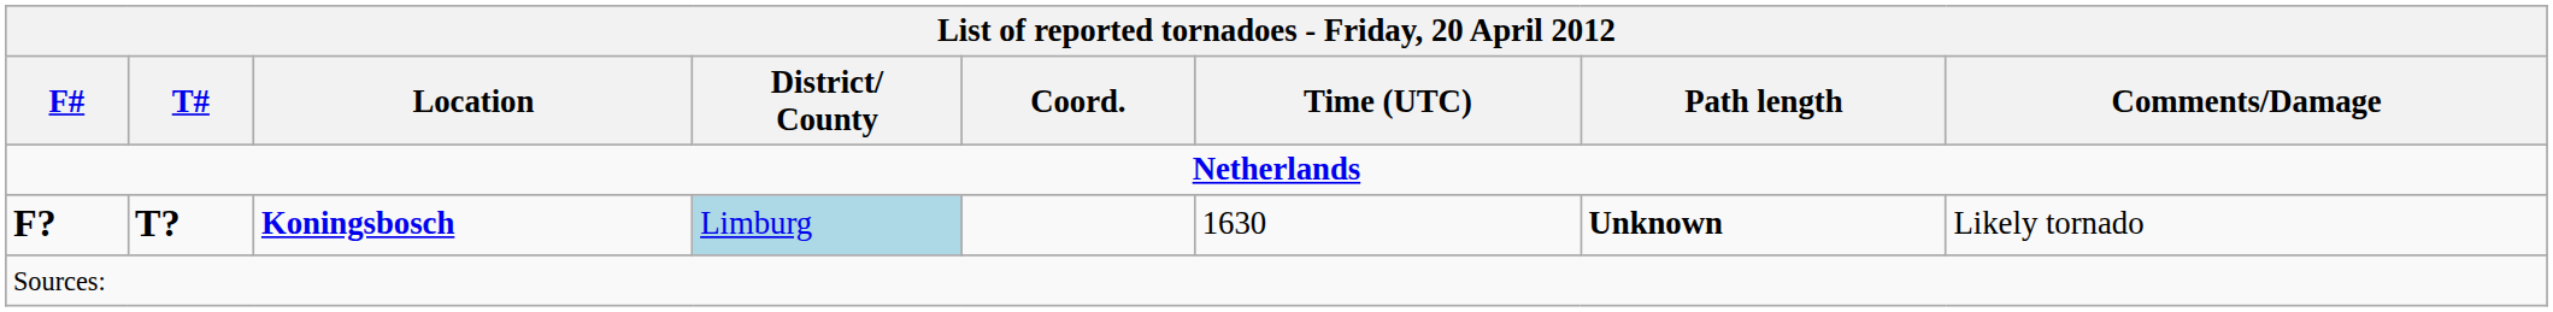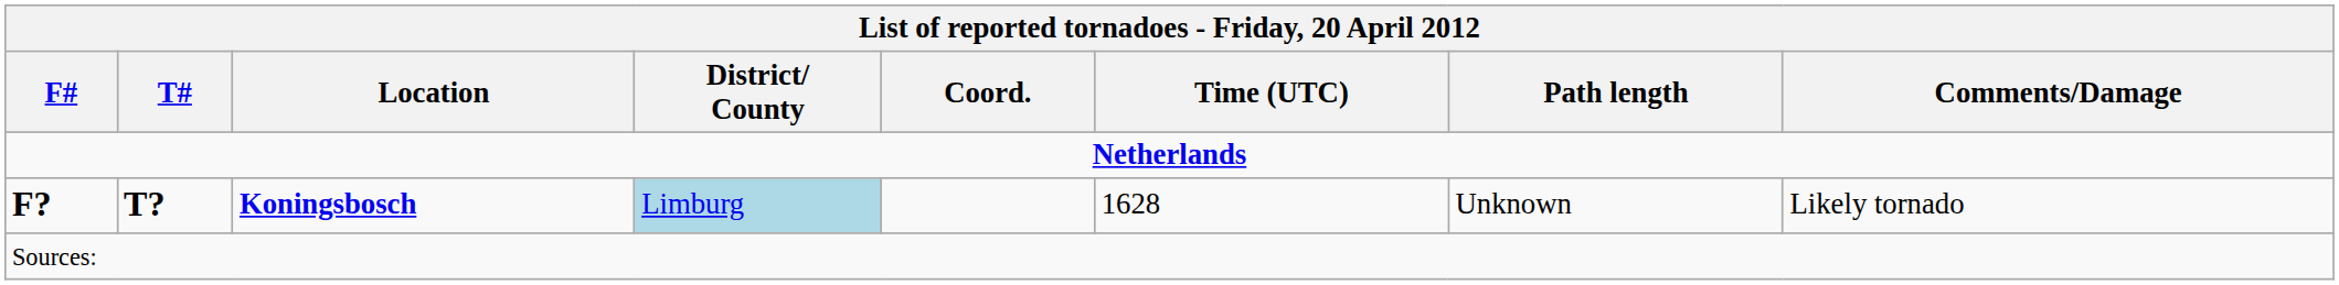 <table class="wikitable collapsible" width="100%">
 <tr>
 <th colspan="8">List of reported tornadoes - Friday, 20 April 2012</th>
 </tr>
 <tr>
 <th><a href='#'>F#</a></th>
 <th><a href='#'>T#</a></th>
 <th>Location</th>
 <th>District/<br>County</th>
 <th>Coord.</th>
 <th>Time (UTC)</th>
 <th>Path length</th>
 <th>Comments/Damage</th>
 </tr>
 <tr>
 <td colspan="8" align=center><strong><a href='#'>Netherlands</a></strong></td>
 </tr>
 <tr>
 <td><big><strong>F?</strong></big></td>
 <td><big><strong>T?</strong></big></td>
 <td><strong><a href='#'>Koningsbosch</a></strong></td>
 <td style="background: lightblue;"><a href='#'>Limburg</a></td>
 <td></td>
-<td>1630</td>
-<td><strong>Unknown</strong></td>
+<td>1628</td>
+<td>Unknown</td>
 <td>Likely tornado</td>
 </tr>
 <tr>
 <td colspan="8"><small>Sources:  </small></td>
 </tr>
 </table>
